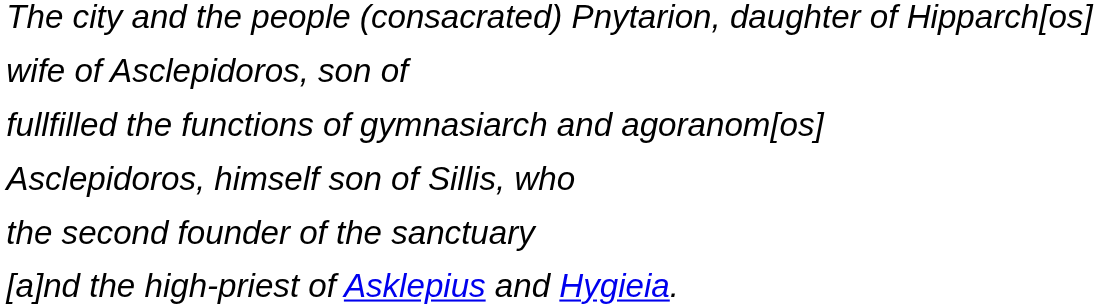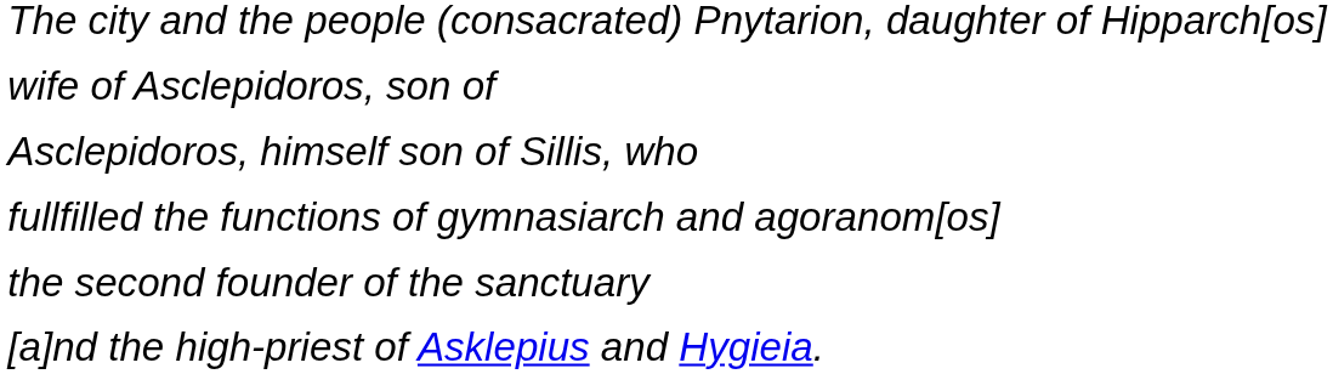 <table cellpadding="3">
 <tr>
 <td><em>The city and the people (consacrated) Pnytarion, daughter of Hipparch[os]</em></td>
 </tr>
 <tr>
 <td><em>wife of Asclepidoros, son of</em></td>
 </tr>
 <tr>
-<td><em>fullfilled the functions of gymnasiarch and agoranom[os]</em></td>
+<td><em>Asclepidoros, himself son of Sillis, who</em></td>
 </tr>
 <tr>
-<td><em>Asclepidoros, himself son of Sillis, who</em></td>
+<td><em>fullfilled the functions of gymnasiarch and agoranom[os]</em></td>
 </tr>
 <tr>
 <td><em>the second founder of the sanctuary</em></td>
 </tr>
 <tr>
 <td><em>[a]nd the high-priest of <a href='#'>Asklepius</a> and <a href='#'>Hygieia</a>.</em></td>
 </tr>
 </table>
